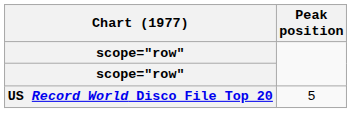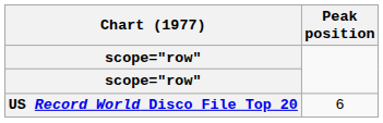 <table class="wikitable sortable plainrowheaders">
 <tr>
 <th scope="col">Chart (1977)</th>
 <th scope="col">Peak<br>position</th>
 </tr>
 <tr>
 <th>scope="row" </th>
 </tr>
 <tr>
 <th>scope="row" </th>
 </tr>
 <tr>
 <th scope="row">US <a href='#'><em>Record World</em> Disco File Top 20</a></th>
-<td style="text-align:center;">5</td>
+<td style="text-align:center;">6</td>
 </tr>
 </table>
